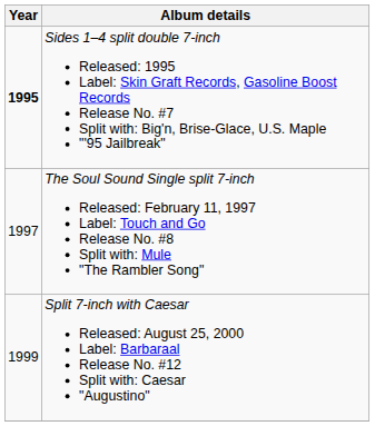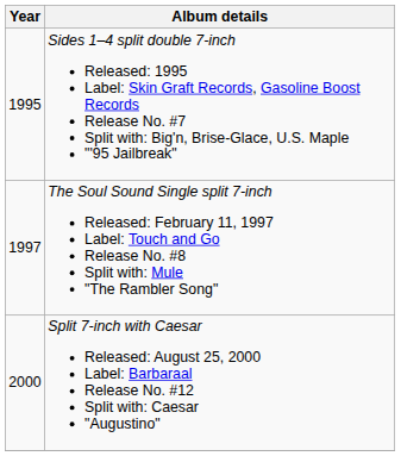 <table class ="wikitable">
 <tr>
 <th>Year</th>
 <th width="375">Album details</th>
 </tr>
 <tr>
-<td><strong>1995</strong></td>
+<td>1995</td>
 <td><em>Sides 1–4 split double 7-inch</em><br><ul><li>Released: 1995</li><li>Label: <a href='#'>Skin Graft Records</a>, <a href='#'>Gasoline Boost Records</a></li><li>Release No. #7</li><li>Split with: Big'n, Brise-Glace, U.S. Maple</li><li>"'95 Jailbreak"</li></ul></td>
 </tr>
 <tr>
 <td>1997</td>
 <td><em>The Soul Sound Single split 7-inch</em><br><ul><li>Released: February 11, 1997</li><li>Label: <a href='#'>Touch and Go</a></li><li>Release No. #8</li><li>Split with: <a href='#'>Mule</a></li><li>"The Rambler Song"</li></ul></td>
 </tr>
 <tr>
-<td>1999</td>
+<td>2000</td>
 <td><em>Split 7-inch with Caesar</em><br><ul><li>Released: August 25, 2000</li><li>Label: <a href='#'>Barbaraal</a></li><li>Release No. #12</li><li>Split with: Caesar</li><li>"Augustino"</li></ul></td>
 </tr>
 <tr>
 </tr>
 </table>
